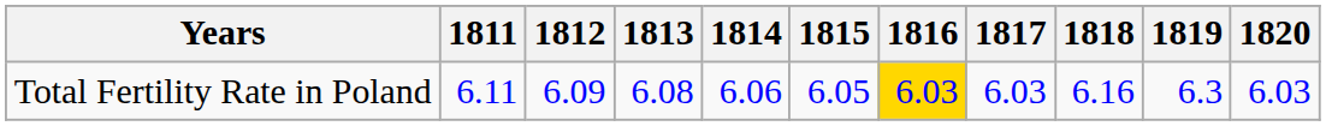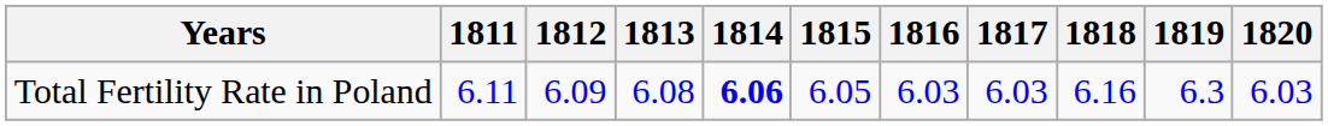 <table class="wikitable " style="text-align:right">
 <tr>
 <th>Years</th>
 <th>1811</th>
 <th>1812</th>
 <th>1813</th>
 <th>1814</th>
 <th>1815</th>
 <th>1816</th>
 <th>1817</th>
 <th>1818</th>
 <th>1819</th>
 <th>1820</th>
 </tr>
 <tr>
 <td align="left">Total Fertility Rate in Poland</td>
 <td style="text-align:right; color:blue;">6.11</td>
 <td style="text-align:right; color:blue;">6.09</td>
 <td style="text-align:right; color:blue;">6.08</td>
-<td style="text-align:right; color:blue;">6.06</td>
+<td style="text-align:right; color:blue;"><strong>6.06</strong></td>
 <td style="text-align:right; color:blue;">6.05</td>
-<td style="background: gold; text-align:right; color:blue;">6.03</td>
+<td style="text-align:right; color:blue;">6.03</td>
 <td style="text-align:right; color:blue;">6.03</td>
 <td style="text-align:right; color:blue;">6.16</td>
 <td style="text-align:right; color:blue;">6.3</td>
 <td style="text-align:right; color:blue;">6.03</td>
 </tr>
 </table>
